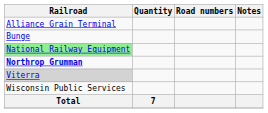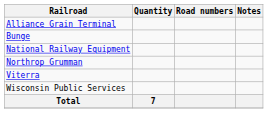 <table class="wikitable">
 <tr>
 <th>Railroad</th>
 <th>Quantity</th>
 <th>Road numbers</th>
 <th>Notes</th>
 </tr>
 <tr>
 <td><a href='#'>Alliance Grain Terminal</a></td>
 <td></td>
 <td></td>
 <td></td>
 </tr>
 <tr>
 <td><a href='#'>Bunge</a></td>
 <td></td>
 <td></td>
 <td></td>
 </tr>
 <tr>
-<td style="background: lightgreen;"><a href='#'>National Railway Equipment</a></td>
+<td><a href='#'>National Railway Equipment</a></td>
 <td></td>
 <td></td>
 <td></td>
 </tr>
 <tr>
-<td><strong><a href='#'>Northrop Grumman</a></strong></td>
+<td><a href='#'>Northrop Grumman</a></td>
 <td></td>
 <td></td>
 <td></td>
 </tr>
 <tr>
-<td style="background: lightgrey;"><a href='#'>Viterra</a></td>
+<td><a href='#'>Viterra</a></td>
 <td></td>
 <td></td>
 <td></td>
 </tr>
 <tr>
 <td>Wisconsin Public Services</td>
 <td></td>
 <td></td>
 <td></td>
 </tr>
 <tr>
 <th>Total</th>
 <th>7</th>
 <th></th>
 <th></th>
 </tr>
 <tr>
 </tr>
 </table>
